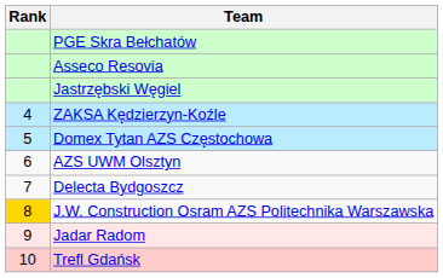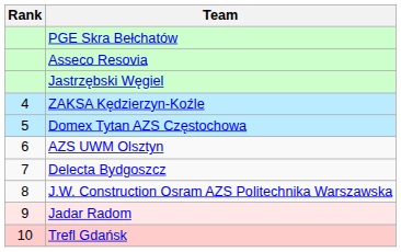 <table class="wikitable" style="white-space: nowrap; width:25%;">
 <tr>
 <th width=15%>Rank</th>
 <th>Team</th>
 </tr>
 <tr bgcolor=#CCFFCC>
 <td style="text-align:center;"></td>
 <td><a href='#'>PGE Skra Bełchatów</a></td>
 </tr>
 <tr bgcolor=#CCFFCC>
 <td style="text-align:center;"></td>
 <td><a href='#'>Asseco Resovia</a></td>
 </tr>
 <tr bgcolor=#CCFFCC>
 <td style="text-align:center;"></td>
 <td><a href='#'>Jastrzębski Węgiel</a></td>
 </tr>
 <tr bgcolor=#BBEBFF>
 <td style="text-align:center;">4</td>
 <td><a href='#'>ZAKSA Kędzierzyn-Koźle</a></td>
 </tr>
 <tr bgcolor=#BBEBFF>
 <td style="text-align:center;">5</td>
 <td><a href='#'>Domex Tytan AZS Częstochowa</a></td>
 </tr>
 <tr>
 <td style="text-align:center;">6</td>
 <td><a href='#'>AZS UWM Olsztyn</a></td>
 </tr>
 <tr>
 <td style="text-align:center;">7</td>
 <td><a href='#'>Delecta Bydgoszcz</a></td>
 </tr>
 <tr>
-<td style="background: gold; text-align:center;">8</td>
+<td style="text-align:center;">8</td>
 <td><a href='#'>J.W. Construction Osram AZS Politechnika Warszawska</a></td>
 </tr>
 <tr bgcolor=#FFE7E7>
 <td style="text-align:center;">9</td>
 <td><a href='#'>Jadar Radom</a></td>
 </tr>
 <tr bgcolor=#FFCCCC>
 <td style="text-align:center;">10</td>
 <td><a href='#'>Trefl Gdańsk</a></td>
 </tr>
 </table>
